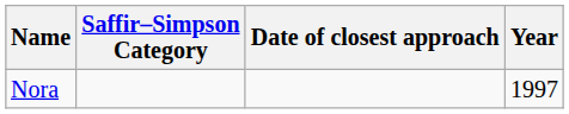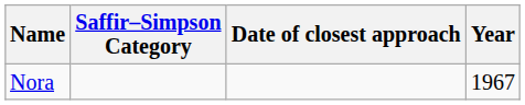 <table class = "wikitable" style="margin:1em auto;">
 <tr>
 <th>Name</th>
 <th><a href='#'>Saffir–Simpson</a><br>Category</th>
 <th>Date of closest approach</th>
 <th>Year</th>
 </tr>
 <tr>
 <td><a href='#'>Nora</a></td>
 <td></td>
 <td></td>
-<td>1997</td>
+<td>1967</td>
 </tr>
 </table>
